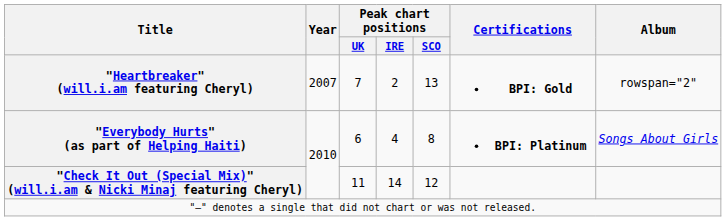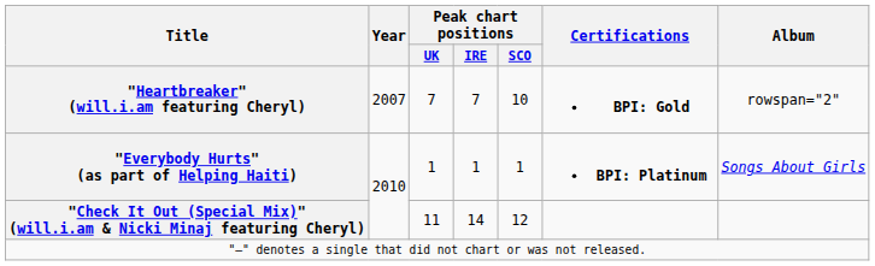 <table class="wikitable plainrowheaders" style="text-align:center;">
 <tr>
 <th scope="col" rowspan="2">Title</th>
 <th scope="col" rowspan="2">Year</th>
 <th scope="col" colspan="3">Peak chart positions</th>
 <th scope="col" rowspan="2" style="width:12em;"><a href='#'>Certifications</a></th>
 <th scope="col" rowspan="2">Album</th>
 </tr>
 <tr>
 <th scope="col" style="width:3em;font-size:90%;"><a href='#'>UK</a><br></th>
 <th scope="col" style="width:3em;font-size:90%;"><a href='#'>IRE</a><br></th>
 <th scope="col" style="width:3em;font-size:90%;"><a href='#'>SCO</a><br></th>
 </tr>
 <tr>
 <th scope="row">"<a href='#'>Heartbreaker</a>"<br><span>(<a href='#'>will.i.am</a> featuring Cheryl)</span></th>
 <td>2007</td>
 <td>7</td>
-<td>2</td>
-<td>13</td>
+<td>7</td>
+<td>10</td>
 <td><strong><br><ul><li>BPI: Gold</li></ul></strong></td>
 <td>rowspan="2" </td>
 </tr>
 <tr>
 <th scope="row">"<a href='#'>Everybody Hurts</a>"<br><span>(as part of <a href='#'>Helping Haiti</a>)</span></th>
 <td rowspan="2">2010</td>
-<td>6</td>
-<td>4</td>
-<td>8</td>
+<td>1</td>
+<td>1</td>
+<td>1</td>
 <td><strong><br><ul><li>BPI: Platinum</li></ul></strong></td>
 <td><em><a href='#'>Songs About Girls</a></em></td>
 </tr>
 <tr>
 <th scope="row">"<a href='#'>Check It Out (Special Mix)</a>"<br><span>(<a href='#'>will.i.am</a> & <a href='#'>Nicki Minaj</a> featuring Cheryl)</span></th>
 <td>11</td>
 <td>14</td>
 <td>12</td>
 <td></td>
 </tr>
 <tr>
 <td colspan="14" style="font-size: 8pt">"—" denotes a single that did not chart or was not released.</td>
 </tr>
 </table>
